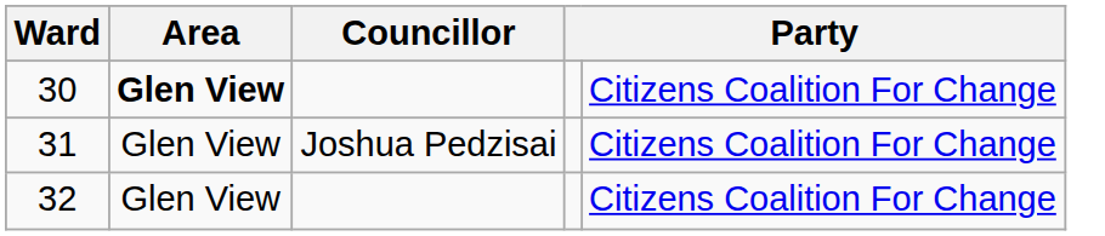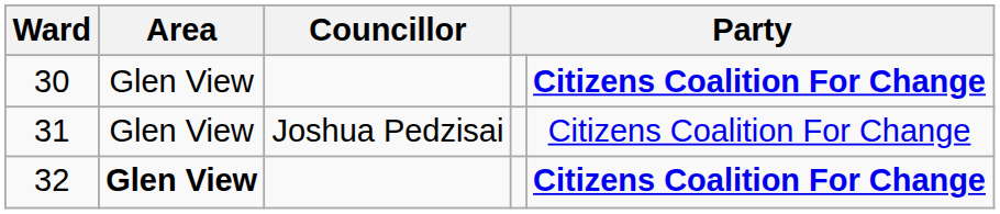 <table class="wikitable sortable" style="text-align:center">
 <tr>
 <th>Ward</th>
 <th>Area</th>
 <th>Councillor</th>
 <th colspan="2">Party</th>
 </tr>
 <tr>
 <td>30</td>
-<td><strong>Glen View</strong></td>
+<td>Glen View</td>
 <td></td>
 <td style="background-color: "></td>
-<td><a href='#'>Citizens Coalition For Change</a></td>
+<td><strong><a href='#'>Citizens Coalition For Change</a></strong></td>
 </tr>
 <tr>
 <td>31</td>
 <td>Glen View</td>
 <td>Joshua Pedzisai</td>
 <td style="background-color: "></td>
 <td><a href='#'>Citizens Coalition For Change</a></td>
 </tr>
 <tr>
 <td>32</td>
-<td>Glen View</td>
+<td><strong>Glen View</strong></td>
 <td></td>
 <td style="background-color: "></td>
-<td><a href='#'>Citizens Coalition For Change</a></td>
+<td><strong><a href='#'>Citizens Coalition For Change</a></strong></td>
 </tr>
 </table>
